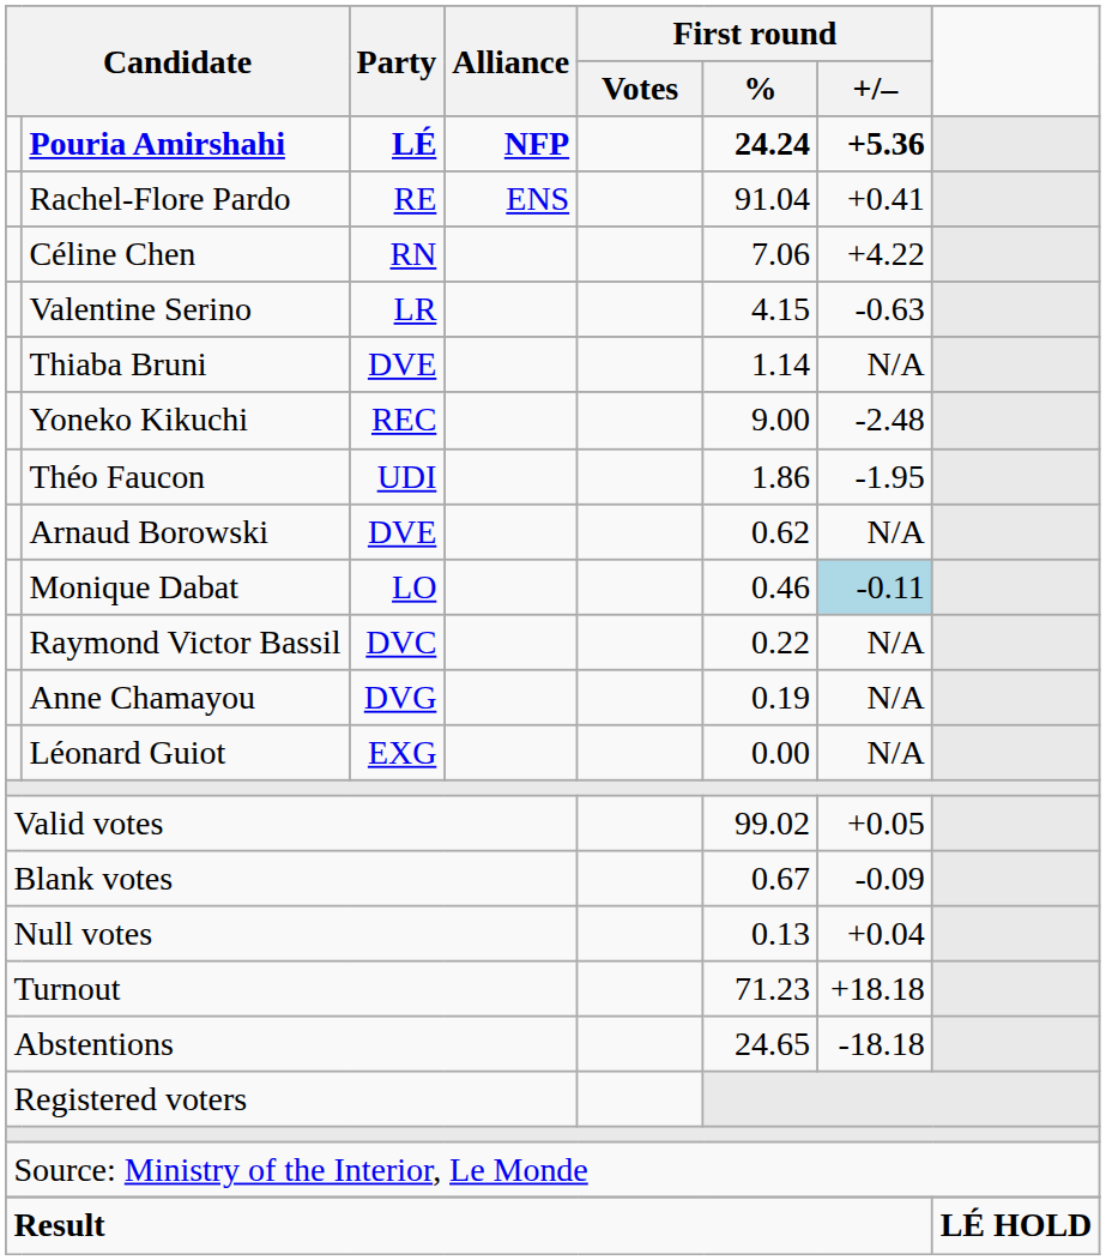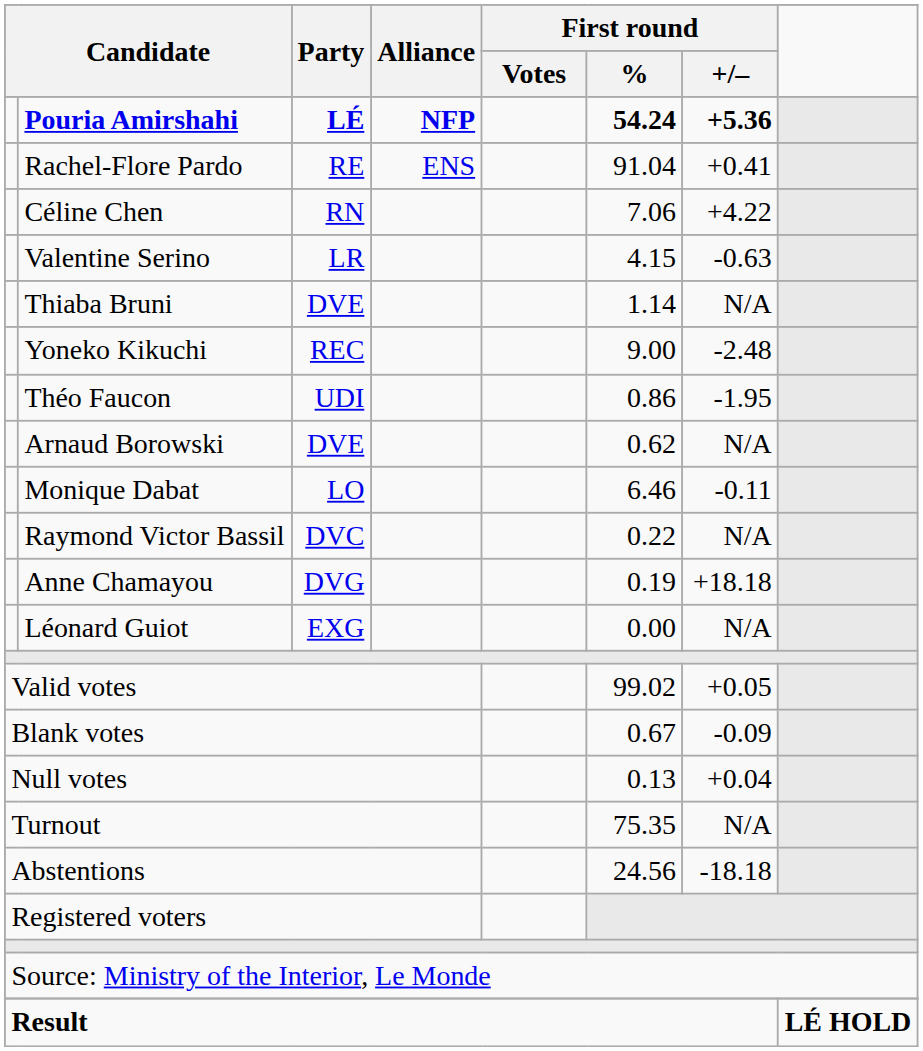 <table class="wikitable" style="text-align:right;font-size:95%;">
 <tr>
 <th rowspan="2" colspan="2">Candidate</th>
 <th rowspan="2">Party</th>
 <th rowspan="2">Alliance</th>
 <th colspan="3">First round</th>
 </tr>
 <tr>
 <th style="width:50px;">Votes</th>
 <th style="width:45px;">%</th>
 <th style="width:45px;">+/–</th>
 </tr>
 <tr>
 <td style="color:inherit;background:"></td>
 <td style="text-align:left;"><strong><a href='#'>Pouria Amirshahi</a></strong></td>
 <td><a href='#'><strong>LÉ</strong></a></td>
 <td><a href='#'><strong>NFP</strong></a></td>
 <td><strong></strong></td>
-<td><strong>24.24</strong></td>
+<td><strong>54.24</strong></td>
 <td><strong>+5.36</strong></td>
 <td colspan="3" style="background:#E9E9E9;"></td>
 </tr>
 <tr>
 <td style="color:inherit;background:"></td>
 <td style="text-align:left;">Rachel-Flore Pardo</td>
 <td><a href='#'>RE</a></td>
 <td><a href='#'>ENS</a></td>
 <td></td>
 <td>91.04</td>
 <td>+0.41</td>
 <td colspan="3" style="background:#E9E9E9;"></td>
 </tr>
 <tr>
 <td style="color:inherit;background:"></td>
 <td style="text-align:left;">Céline Chen</td>
 <td><a href='#'>RN</a></td>
 <td></td>
 <td></td>
 <td>7.06</td>
 <td>+4.22</td>
 <td colspan="3" style="background:#E9E9E9;"></td>
 </tr>
 <tr>
 <td style="color:inherit;background:"></td>
 <td style="text-align:left;">Valentine Serino</td>
 <td><a href='#'>LR</a></td>
 <td></td>
 <td></td>
 <td>4.15</td>
 <td>-0.63</td>
 <td colspan="3" style="background:#E9E9E9;"></td>
 </tr>
 <tr>
 <td style="color:inherit;background:"></td>
 <td style="text-align:left;">Thiaba Bruni</td>
 <td><a href='#'>DVE</a></td>
 <td></td>
 <td></td>
 <td>1.14</td>
 <td>N/A</td>
 <td colspan="3" style="background:#E9E9E9;"></td>
 </tr>
 <tr>
 <td style="color:inherit;background:"></td>
 <td style="text-align:left;">Yoneko Kikuchi</td>
 <td><a href='#'>REC</a></td>
 <td></td>
 <td></td>
 <td>9.00</td>
 <td>-2.48</td>
 <td colspan="3" style="background:#E9E9E9;"></td>
 </tr>
 <tr>
 <td style="color:inherit;background:"></td>
 <td style="text-align:left;">Théo Faucon</td>
 <td><a href='#'>UDI</a></td>
 <td></td>
 <td></td>
-<td>1.86</td>
+<td>0.86</td>
 <td>-1.95</td>
 <td colspan="3" style="background:#E9E9E9;"></td>
 </tr>
 <tr>
 <td style="color:inherit;background:"></td>
 <td style="text-align:left;">Arnaud Borowski</td>
 <td><a href='#'>DVE</a></td>
 <td></td>
 <td></td>
 <td>0.62</td>
 <td>N/A</td>
 <td colspan="3" style="background:#E9E9E9;"></td>
 </tr>
 <tr>
 <td style="color:inherit;background:"></td>
 <td style="text-align:left;">Monique Dabat</td>
 <td><a href='#'>LO</a></td>
 <td></td>
 <td></td>
-<td>0.46</td>
-<td style="background: lightblue;">-0.11</td>
+<td>6.46</td>
+<td>-0.11</td>
 <td colspan="3" style="background:#E9E9E9;"></td>
 </tr>
 <tr>
 <td style="color:inherit;background:"></td>
 <td style="text-align:left;">Raymond Victor Bassil</td>
 <td><a href='#'>DVC</a></td>
 <td></td>
 <td></td>
 <td>0.22</td>
 <td>N/A</td>
 <td colspan="3" style="background:#E9E9E9;"></td>
 </tr>
 <tr>
 <td style="color:inherit;background:"></td>
 <td style="text-align:left;">Anne Chamayou</td>
 <td><a href='#'>DVG</a></td>
 <td></td>
 <td></td>
 <td>0.19</td>
-<td>N/A</td>
+<td>+18.18</td>
 <td colspan="3" style="background:#E9E9E9;"></td>
 </tr>
 <tr>
 <td style="color:inherit;background:"></td>
 <td style="text-align:left;">Léonard Guiot</td>
 <td><a href='#'>EXG</a></td>
 <td></td>
 <td></td>
 <td>0.00</td>
 <td>N/A</td>
 <td colspan="3" style="background:#E9E9E9;"></td>
 </tr>
 <tr>
 <td colspan="10" style="background:#E9E9E9;"></td>
 </tr>
 <tr>
 <td colspan="4" style="text-align:left;">Valid votes</td>
 <td></td>
 <td>99.02</td>
 <td>+0.05</td>
 <td colspan="3" style="background:#E9E9E9;"></td>
 </tr>
 <tr>
 <td colspan="4" style="text-align:left;">Blank votes</td>
 <td></td>
 <td>0.67</td>
 <td>-0.09</td>
 <td colspan="3" style="background:#E9E9E9;"></td>
 </tr>
 <tr>
 <td colspan="4" style="text-align:left;">Null votes</td>
 <td></td>
 <td>0.13</td>
 <td>+0.04</td>
 <td colspan="3" style="background:#E9E9E9;"></td>
 </tr>
 <tr>
 <td colspan="4" style="text-align:left;">Turnout</td>
 <td></td>
-<td>71.23</td>
-<td>+18.18</td>
+<td>75.35</td>
+<td>N/A</td>
 <td colspan="3" style="background:#E9E9E9;"></td>
 </tr>
 <tr>
 <td colspan="4" style="text-align:left;">Abstentions</td>
 <td></td>
-<td>24.65</td>
+<td>24.56</td>
 <td>-18.18</td>
 <td colspan="3" style="background:#E9E9E9;"></td>
 </tr>
 <tr>
 <td colspan="4" style="text-align:left;">Registered voters</td>
 <td></td>
 <td colspan="5" style="background:#E9E9E9;"></td>
 </tr>
 <tr>
 <td colspan="10" style="background:#E9E9E9;"></td>
 </tr>
 <tr>
 <td colspan="10" style="text-align:left;">Source: <a href='#'>Ministry of the Interior</a>, <a href='#'>Le Monde</a></td>
 </tr>
 <tr>
 </tr>
 <tr style="font-weight:bold">
 <td colspan="7" style="text-align:left;">Result</td>
 <td colspan="7" style="background-color:">LÉ HOLD</td>
 </tr>
 </table>
